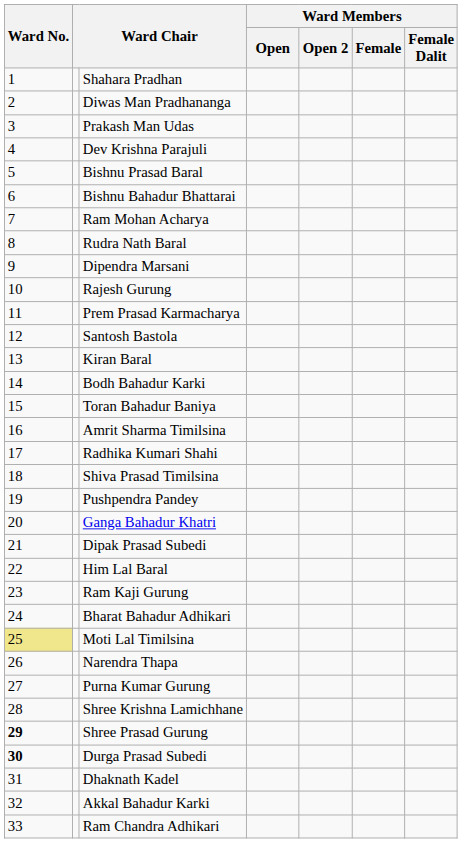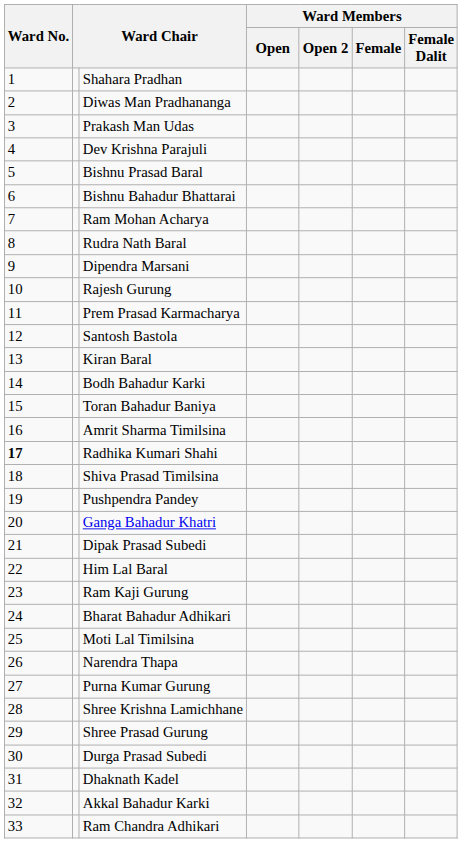 <table class="wikitable">
 <tr>
 <th rowspan="2">Ward No.</th>
 <th colspan="2" rowspan="2">Ward Chair</th>
 <th colspan="4">Ward Members</th>
 </tr>
 <tr>
 <th width="50px">Open</th>
 <th width="50px">Open 2</th>
 <th width="50px">Female</th>
 <th width="50px">Female Dalit</th>
 </tr>
 <tr>
 <td>1</td>
 <td style="background-color:"><br></td>
 <td>Shahara Pradhan</td>
 <td style="background-color:"><br></td>
 <td style="background-color:"><br></td>
 <td style="background-color:"><br></td>
 <td style="background-color:"><br></td>
 </tr>
 <tr>
 <td>2</td>
 <td style="background-color:"><br></td>
 <td>Diwas Man Pradhananga</td>
 <td style="background-color:"><br></td>
 <td style="background-color:"><br></td>
 <td style="background-color:"><br></td>
 <td style="background-color:"><br></td>
 </tr>
 <tr>
 <td>3</td>
 <td style="background-color:"><br></td>
 <td>Prakash Man Udas</td>
 <td style="background-color:"><br></td>
 <td style="background-color:"><br></td>
 <td style="background-color:"><br></td>
 <td style="background-color:"><br></td>
 </tr>
 <tr>
 <td>4</td>
 <td style="background-color:"><br></td>
 <td>Dev Krishna Parajuli</td>
 <td style="background-color:"><br></td>
 <td style="background-color:"><br></td>
 <td style="background-color:"><br></td>
 <td style="background-color:"><br></td>
 </tr>
 <tr>
 <td>5</td>
 <td style="background-color:"><br></td>
 <td>Bishnu Prasad Baral</td>
 <td style="background-color:"><br></td>
 <td style="background-color:"><br></td>
 <td style="background-color:"><br></td>
 <td style="background-color:"><br></td>
 </tr>
 <tr>
 <td>6</td>
 <td style="background-color:"><br></td>
 <td>Bishnu Bahadur Bhattarai</td>
 <td style="background-color:"><br></td>
 <td style="background-color:"><br></td>
 <td style="background-color:"><br></td>
 <td style="background-color:"><br></td>
 </tr>
 <tr>
 <td>7</td>
 <td style="background-color:"><br></td>
 <td>Ram Mohan Acharya</td>
 <td style="background-color:"><br></td>
 <td style="background-color:"><br></td>
 <td style="background-color:"><br></td>
 <td style="background-color:"><br></td>
 </tr>
 <tr>
 <td>8</td>
 <td style="background-color:"><br></td>
 <td>Rudra Nath Baral</td>
 <td style="background-color:"><br></td>
 <td style="background-color:"><br></td>
 <td style="background-color:"><br></td>
 <td style="background-color:"><br></td>
 </tr>
 <tr>
 <td>9</td>
 <td style="background-color:"><br></td>
 <td>Dipendra Marsani</td>
 <td style="background-color:"><br></td>
 <td style="background-color:"><br></td>
 <td style="background-color:"><br></td>
 <td style="background-color:"><br></td>
 </tr>
 <tr>
 <td>10</td>
 <td style="background-color:"><br></td>
 <td>Rajesh Gurung</td>
 <td style="background-color:"><br></td>
 <td style="background-color:"><br></td>
 <td style="background-color:"><br></td>
 <td style="background-color:"><br></td>
 </tr>
 <tr>
 <td>11</td>
 <td style="background-color:"><br></td>
 <td>Prem Prasad Karmacharya</td>
 <td style="background-color:"><br></td>
 <td style="background-color:"><br></td>
 <td style="background-color:"><br></td>
 <td style="background-color:"><br></td>
 </tr>
 <tr>
 <td>12</td>
 <td style="background-color:"><br></td>
 <td>Santosh Bastola</td>
 <td style="background-color:"><br></td>
 <td style="background-color:"><br></td>
 <td style="background-color:"><br></td>
 <td style="background-color:"><br></td>
 </tr>
 <tr>
 <td>13</td>
 <td style="background-color:"><br></td>
 <td>Kiran Baral</td>
 <td style="background-color:"><br></td>
 <td style="background-color:"><br></td>
 <td style="background-color:"><br></td>
 <td style="background-color:"><br></td>
 </tr>
 <tr>
 <td>14</td>
 <td style="background-color:"><br></td>
 <td>Bodh Bahadur Karki</td>
 <td style="background-color:"><br></td>
 <td style="background-color:"><br></td>
 <td style="background-color:"><br></td>
 <td style="background-color:"><br></td>
 </tr>
 <tr>
 <td>15</td>
 <td style="background-color:"><br></td>
 <td>Toran Bahadur Baniya</td>
 <td style="background-color:"><br></td>
 <td style="background-color:"><br></td>
 <td style="background-color:"><br></td>
 <td style="background-color:"><br></td>
 </tr>
 <tr>
 <td>16</td>
 <td style="background-color:"><br></td>
 <td>Amrit Sharma Timilsina</td>
 <td style="background-color:"><br></td>
 <td style="background-color:"><br></td>
 <td style="background-color:"><br></td>
 <td style="background-color:"><br></td>
 </tr>
 <tr>
-<td>17</td>
+<td><strong>17</strong></td>
 <td style="background-color:"><br></td>
 <td>Radhika Kumari Shahi</td>
 <td style="background-color:"><br></td>
 <td style="background-color:"><br></td>
 <td style="background-color:"><br></td>
 <td style="background-color:"><br></td>
 </tr>
 <tr>
 <td>18</td>
 <td style="background-color:"><br></td>
 <td>Shiva Prasad Timilsina</td>
 <td style="background-color:"><br></td>
 <td style="background-color:"><br></td>
 <td style="background-color:"><br></td>
 <td style="background-color:"><br></td>
 </tr>
 <tr>
 <td>19</td>
 <td style="background-color:"><br></td>
 <td>Pushpendra Pandey</td>
 <td style="background-color:"><br></td>
 <td style="background-color:"><br></td>
 <td style="background-color:"><br></td>
 <td style="background-color:"><br></td>
 </tr>
 <tr>
 <td>20</td>
 <td style="background-color:"><br></td>
 <td><a href='#'>Ganga Bahadur Khatri</a></td>
 <td style="background-color:"><br></td>
 <td style="background-color:"><br></td>
 <td style="background-color:"><br></td>
 <td style="background-color:"><br></td>
 </tr>
 <tr>
 <td>21</td>
 <td style="background-color:"><br></td>
 <td>Dipak Prasad Subedi</td>
 <td style="background-color:"><br></td>
 <td style="background-color:"><br></td>
 <td style="background-color:"><br></td>
 <td style="background-color:"><br></td>
 </tr>
 <tr>
 <td>22</td>
 <td style="background-color:"><br></td>
 <td>Him Lal Baral</td>
 <td style="background-color:"><br></td>
 <td style="background-color:"><br></td>
 <td style="background-color:"><br></td>
 <td style="background-color:"><br></td>
 </tr>
 <tr>
 <td>23</td>
 <td style="background-color:"><br></td>
 <td>Ram Kaji Gurung</td>
 <td style="background-color:"><br></td>
 <td style="background-color:"><br></td>
 <td style="background-color:"><br></td>
 <td style="background-color:"><br></td>
 </tr>
 <tr>
 <td>24</td>
 <td style="background-color:"><br></td>
 <td>Bharat Bahadur Adhikari</td>
 <td style="background-color:"><br></td>
 <td style="background-color:"><br></td>
 <td style="background-color:"><br></td>
 <td style="background-color:"><br></td>
 </tr>
 <tr>
-<td style="background: khaki;">25</td>
+<td>25</td>
 <td style="background-color:"><br></td>
 <td>Moti Lal Timilsina</td>
 <td style="background-color:"><br></td>
 <td style="background-color:"><br></td>
 <td style="background-color:"><br></td>
 <td style="background-color:"><br></td>
 </tr>
 <tr>
 <td>26</td>
 <td style="background-color:"><br></td>
 <td>Narendra Thapa</td>
 <td style="background-color:"><br></td>
 <td style="background-color:"><br></td>
 <td style="background-color:"><br></td>
 <td style="background-color:"><br></td>
 </tr>
 <tr>
 <td>27</td>
 <td style="background-color:"><br></td>
 <td>Purna Kumar Gurung</td>
 <td style="background-color:"><br></td>
 <td style="background-color:"><br></td>
 <td style="background-color:"><br></td>
 <td style="background-color:"><br></td>
 </tr>
 <tr>
 <td>28</td>
 <td style="background-color:"><br></td>
 <td>Shree Krishna Lamichhane</td>
 <td style="background-color:"><br></td>
 <td style="background-color:"><br></td>
 <td style="background-color:"><br></td>
 <td style="background-color:"><br></td>
 </tr>
 <tr>
-<td><strong>29</strong></td>
+<td>29</td>
 <td style="background-color:"><br></td>
 <td>Shree Prasad Gurung</td>
 <td style="background-color:"><br></td>
 <td style="background-color:"><br></td>
 <td style="background-color:"><br></td>
 <td style="background-color:"><br></td>
 </tr>
 <tr>
-<td><strong>30</strong></td>
+<td>30</td>
 <td style="background-color:"><br></td>
 <td>Durga Prasad Subedi</td>
 <td style="background-color:"><br></td>
 <td style="background-color:"><br></td>
 <td style="background-color:"><br></td>
 <td style="background-color:"><br></td>
 </tr>
 <tr>
 <td>31</td>
 <td style="background-color:"><br></td>
 <td>Dhaknath Kadel</td>
 <td style="background-color:"><br></td>
 <td style="background-color:"><br></td>
 <td style="background-color:"><br></td>
 <td style="background-color:"><br></td>
 </tr>
 <tr>
 <td>32</td>
 <td style="background-color:"><br></td>
 <td>Akkal Bahadur Karki</td>
 <td style="background-color:"><br></td>
 <td style="background-color:"><br></td>
 <td style="background-color:"><br></td>
 <td style="background-color:"><br></td>
 </tr>
 <tr>
 <td>33</td>
 <td style="background-color:"><br></td>
 <td>Ram Chandra Adhikari</td>
 <td style="background-color:"><br></td>
 <td style="background-color:"><br></td>
 <td style="background-color:"><br></td>
 <td style="background-color:"><br></td>
 </tr>
 </table>
